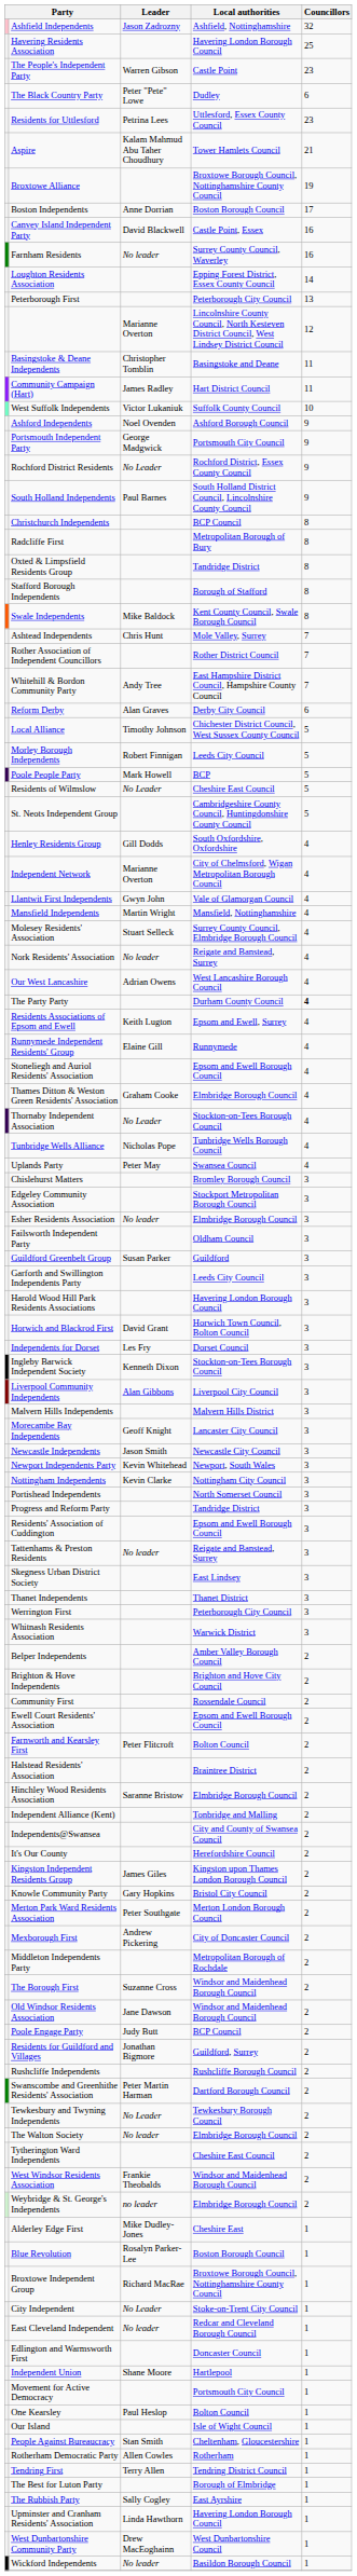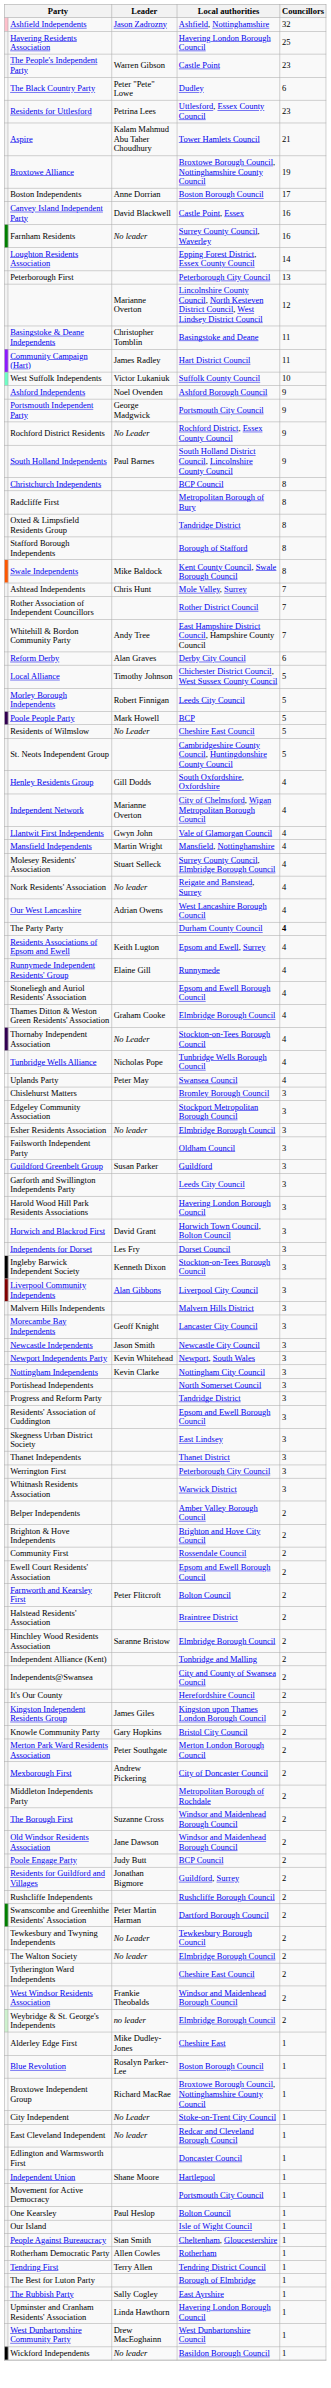 <table class="wikitable sortable">
 <tr style="background:#ccc;">
 <th colspan="2" scope="col" style="width:5px;">Party</th>
 <th class="unsortable">Leader</th>
 <th class="unsortable">Local authorities</th>
 <th data-sort-type="number">Councillors</th>
 </tr>
 <tr>
 <th style="background:pink;"></th>
 <td><a href='#'>Ashfield Independents</a></td>
 <td><a href='#'>Jason Zadrozny</a></td>
 <td><a href='#'>Ashfield</a>, <a href='#'>Nottinghamshire</a></td>
 <td>32</td>
 </tr>
 <tr>
 <th style="background-color: "></th>
 <td><a href='#'>Havering Residents Association</a></td>
 <td></td>
 <td><a href='#'>Havering London Borough Council</a></td>
 <td>25</td>
 </tr>
 <tr>
 <th style="background-color: "></th>
 <td><a href='#'>The People's Independent Party</a></td>
 <td>Warren Gibson</td>
 <td><a href='#'>Castle Point</a></td>
 <td>23</td>
 </tr>
 <tr>
 <td></td>
 <td><a href='#'>The Black Country Party</a></td>
 <td>Peter "Pete" Lowe</td>
 <td><a href='#'>Dudley</a></td>
 <td>6</td>
 </tr>
 <tr>
 <th style="background-color: "></th>
 <td><a href='#'>Residents for Uttlesford</a></td>
 <td>Petrina Lees</td>
 <td><a href='#'>Uttlesford</a>, <a href='#'>Essex County Council</a></td>
 <td>23</td>
 </tr>
 <tr>
 <th style="background-color:"></th>
 <td><a href='#'>Aspire</a></td>
 <td>Kalam Mahmud Abu Taher Choudhury</td>
 <td><a href='#'>Tower Hamlets Council</a></td>
 <td>21</td>
 </tr>
 <tr>
 <th style="background-color: "></th>
 <td><a href='#'>Broxtowe Alliance</a></td>
 <td></td>
 <td><a href='#'>Broxtowe Borough Council</a>, <a href='#'>Nottinghamshire County Council</a></td>
 <td>19</td>
 </tr>
 <tr>
 <th></th>
 <td>Boston Independents</td>
 <td>Anne Dorrian</td>
 <td><a href='#'>Boston Borough Council</a></td>
 <td>17</td>
 </tr>
 <tr>
 <th style="background-color: "></th>
 <td><a href='#'>Canvey Island Independent Party</a></td>
 <td>David Blackwell</td>
 <td><a href='#'>Castle Point</a>, <a href='#'>Essex</a></td>
 <td>16</td>
 </tr>
 <tr>
 <th style="background:green;"></th>
 <td>Farnham Residents</td>
 <td><em>No leader</em></td>
 <td><a href='#'>Surrey County Council</a>, <a href='#'>Waverley</a></td>
 <td>16</td>
 </tr>
 <tr>
 <th style="background-color: "></th>
 <td><a href='#'>Loughton Residents Association</a></td>
 <td></td>
 <td><a href='#'>Epping Forest District</a>, <a href='#'>Essex County Council</a></td>
 <td>14</td>
 </tr>
 <tr>
 <th></th>
 <td>Peterborough First</td>
 <td></td>
 <td><a href='#'>Peterborough City Council</a></td>
 <td>13</td>
 </tr>
 <tr>
 <th style="background-color: "></th>
 <td></td>
 <td>Marianne Overton</td>
 <td><a href='#'>Lincolnshire County Council</a>, <a href='#'>North Kesteven District Council</a>, <a href='#'>West Lindsey District Council</a></td>
 <td>12</td>
 </tr>
 <tr>
 <th style="background-color: "></th>
 <td><a href='#'>Basingstoke & Deane Independents</a></td>
 <td>Christopher Tomblin</td>
 <td><a href='#'>Basingstoke and Deane</a></td>
 <td>11</td>
 </tr>
 <tr>
 <th style="background:#8d19ff;" !></th>
 <td><a href='#'>Community Campaign (Hart)</a></td>
 <td>James Radley</td>
 <td><a href='#'>Hart District Council</a></td>
 <td>11</td>
 </tr>
 <tr>
 <th style="background-color: #6EFFC5"></th>
 <td>West Suffolk Independents</td>
 <td>Victor Lukaniuk</td>
 <td><a href='#'>Suffolk County Council</a></td>
 <td>10</td>
 </tr>
 <tr>
 <th style="background-color: "></th>
 <td><a href='#'>Ashford Independents</a></td>
 <td>Noel Ovenden</td>
 <td><a href='#'>Ashford Borough Council</a></td>
 <td>9</td>
 </tr>
 <tr>
 <th style="background-color: "></th>
 <td><a href='#'>Portsmouth Independent Party</a></td>
 <td>George Madgwick</td>
 <td><a href='#'>Portsmouth City Council</a></td>
 <td>9</td>
 </tr>
 <tr>
 <th style="background-color: "></th>
 <td>Rochford District Residents</td>
 <td><em>No Leader</em></td>
 <td><a href='#'>Rochford District</a>, <a href='#'>Essex County Council</a></td>
 <td>9</td>
 </tr>
 <tr>
 <th style="background-color: "></th>
 <td><a href='#'>South Holland Independents</a></td>
 <td>Paul Barnes</td>
 <td><a href='#'>South Holland District Council</a>, <a href='#'>Lincolnshire County Council</a></td>
 <td>9</td>
 </tr>
 <tr>
 <th style="background:"></th>
 <td><a href='#'>Christchurch Independents</a></td>
 <td></td>
 <td><a href='#'>BCP Council</a></td>
 <td>8</td>
 </tr>
 <tr>
 <th style="background-color: "></th>
 <td>Radcliffe First</td>
 <td></td>
 <td><a href='#'>Metropolitan Borough of Bury</a></td>
 <td>8</td>
 </tr>
 <tr>
 <th></th>
 <td>Oxted & Limpsfield Residents Group</td>
 <td></td>
 <td><a href='#'>Tandridge District</a></td>
 <td>8</td>
 </tr>
 <tr>
 <th></th>
 <td>Stafford Borough Independents</td>
 <td></td>
 <td><a href='#'>Borough of Stafford</a></td>
 <td>8</td>
 </tr>
 <tr>
 <th style="background:#ff5800;"></th>
 <td><a href='#'>Swale Independents</a></td>
 <td>Mike Baldock</td>
 <td><a href='#'>Kent County Council</a>, <a href='#'>Swale Borough Council</a></td>
 <td>8</td>
 </tr>
 <tr>
 <th style="background-color: "></th>
 <td>Ashtead Independents</td>
 <td>Chris Hunt</td>
 <td><a href='#'>Mole Valley</a>, <a href='#'>Surrey</a></td>
 <td>7</td>
 </tr>
 <tr>
 <th></th>
 <td>Rother Association of Independent Councillors</td>
 <td></td>
 <td><a href='#'>Rother District Council</a></td>
 <td>7</td>
 </tr>
 <tr>
 <th style="background-color: "></th>
 <td>Whitehill & Bordon Community Party</td>
 <td>Andy Tree</td>
 <td><a href='#'>East Hampshire District Council</a>, Hampshire County Council</td>
 <td>7</td>
 </tr>
 <tr>
 <th style="background-color: "></th>
 <td><a href='#'>Reform Derby</a></td>
 <td>Alan Graves</td>
 <td><a href='#'>Derby City Council</a></td>
 <td>6</td>
 </tr>
 <tr>
 <th style="background:"></th>
 <td><a href='#'>Local Alliance</a></td>
 <td>Timothy Johnson</td>
 <td><a href='#'>Chichester District Council</a>, <a href='#'>West Sussex County Council</a></td>
 <td>5</td>
 </tr>
 <tr>
 <th style="background-color: "></th>
 <td><a href='#'>Morley Borough Independents</a></td>
 <td>Robert Finnigan</td>
 <td><a href='#'>Leeds City Council</a></td>
 <td>5</td>
 </tr>
 <tr>
 <th style="background-color: #320052"></th>
 <td><a href='#'>Poole People Party</a></td>
 <td>Mark Howell</td>
 <td><a href='#'>BCP</a></td>
 <td>5</td>
 </tr>
 <tr>
 <th style="background-color: "></th>
 <td>Residents of Wilmslow</td>
 <td><em>No Leader</em></td>
 <td><a href='#'>Cheshire East Council</a></td>
 <td>5</td>
 </tr>
 <tr>
 <th></th>
 <td>St. Neots Independent Group</td>
 <td></td>
 <td><a href='#'>Cambridgeshire County Council</a>, <a href='#'>Huntingdonshire County Council</a></td>
 <td>5</td>
 </tr>
 <tr>
 <th style="background:"></th>
 <td><a href='#'>Henley Residents Group</a></td>
 <td>Gill Dodds</td>
 <td><a href='#'>South Oxfordshire</a>, <a href='#'>Oxfordshire</a></td>
 <td>4</td>
 </tr>
 <tr>
 <th style="background:"></th>
 <td><a href='#'>Independent Network</a></td>
 <td>Marianne Overton</td>
 <td><a href='#'>City of Chelmsford</a>, <a href='#'>Wigan Metropolitan Borough Council</a></td>
 <td>4</td>
 </tr>
 <tr>
 <th style="background:"></th>
 <td><a href='#'>Llantwit First Independents</a></td>
 <td>Gwyn John</td>
 <td><a href='#'>Vale of Glamorgan Council</a></td>
 <td>4</td>
 </tr>
 <tr>
 <th style="background-color: "></th>
 <td><a href='#'>Mansfield Independents</a></td>
 <td>Martin Wright</td>
 <td><a href='#'>Mansfield</a>, <a href='#'>Nottinghamshire</a></td>
 <td>4</td>
 </tr>
 <tr>
 <th style="background-color: "></th>
 <td>Molesey Residents' Association</td>
 <td>Stuart Selleck</td>
 <td><a href='#'>Surrey County Council</a>, <a href='#'>Elmbridge Borough Council</a></td>
 <td>4</td>
 </tr>
 <tr>
 <th style="background-color: "></th>
 <td>Nork Residents' Association</td>
 <td><em>No leader</em></td>
 <td><a href='#'>Reigate and Banstead</a>, <a href='#'>Surrey</a></td>
 <td>4</td>
 </tr>
 <tr>
 <th style="background-color: "></th>
 <td><a href='#'>Our West Lancashire</a></td>
 <td>Adrian Owens</td>
 <td><a href='#'>West Lancashire Borough Council</a></td>
 <td>4</td>
 </tr>
 <tr>
 <th></th>
 <td>The Party Party</td>
 <td></td>
 <td><a href='#'>Durham County Council</a></td>
 <td><strong>4</strong></td>
 </tr>
 <tr>
 <th style="background-color: "></th>
 <td><a href='#'>Residents Associations of Epsom and Ewell</a></td>
 <td>Keith Lugton</td>
 <td><a href='#'>Epsom and Ewell</a>, <a href='#'>Surrey</a></td>
 <td>4</td>
 </tr>
 <tr>
 <th style="background-color: "></th>
 <td><a href='#'>Runnymede Independent Residents' Group</a></td>
 <td>Elaine Gill</td>
 <td><a href='#'>Runnymede</a></td>
 <td>4</td>
 </tr>
 <tr>
 <th></th>
 <td>Stoneliegh and Auriol Residents' Association</td>
 <td></td>
 <td><a href='#'>Epsom and Ewell Borough Council</a></td>
 <td>4</td>
 </tr>
 <tr>
 <th style="background-color: "></th>
 <td>Thames Ditton & Weston Green Residents' Association</td>
 <td>Graham Cooke</td>
 <td><a href='#'>Elmbridge Borough Council</a></td>
 <td>4</td>
 </tr>
 <tr>
 <th style="background-color: #320052"></th>
 <td>Thornaby Independent Association</td>
 <td><em>No Leader</em></td>
 <td><a href='#'>Stockton-on-Tees Borough Council</a></td>
 <td>4</td>
 </tr>
 <tr>
 <th style="background: "></th>
 <td><a href='#'>Tunbridge Wells Alliance</a></td>
 <td>Nicholas Pope</td>
 <td><a href='#'>Tunbridge Wells Borough Council</a></td>
 <td>4</td>
 </tr>
 <tr>
 <td></td>
 <td>Uplands Party</td>
 <td>Peter May</td>
 <td><a href='#'>Swansea Council</a></td>
 <td>4</td>
 </tr>
 <tr>
 <th></th>
 <td>Chislehurst Matters</td>
 <td></td>
 <td><a href='#'>Bromley Borough Council</a></td>
 <td>3</td>
 </tr>
 <tr>
 <th></th>
 <td>Edgeley Community Association</td>
 <td></td>
 <td><a href='#'>Stockport Metropolitan Borough Council</a></td>
 <td>3</td>
 </tr>
 <tr>
 <th style="background-color: "></th>
 <td>Esher Residents Association</td>
 <td><em>No leader</em></td>
 <td><a href='#'>Elmbridge Borough Council</a></td>
 <td>3</td>
 </tr>
 <tr>
 <th></th>
 <td>Failsworth Independent Party</td>
 <td></td>
 <td><a href='#'>Oldham Council</a></td>
 <td>3</td>
 </tr>
 <tr>
 <th style="background-color: "></th>
 <td><a href='#'>Guildford Greenbelt Group</a></td>
 <td>Susan Parker</td>
 <td><a href='#'>Guildford</a></td>
 <td>3</td>
 </tr>
 <tr>
 <th></th>
 <td>Garforth and Swillington Independents Party</td>
 <td></td>
 <td><a href='#'>Leeds City Council</a></td>
 <td>3</td>
 </tr>
 <tr>
 <th></th>
 <td>Harold Wood Hill Park Residents Associations</td>
 <td></td>
 <td><a href='#'>Havering London Borough Council</a></td>
 <td>3</td>
 </tr>
 <tr>
 <th style="background-color: "></th>
 <td><a href='#'>Horwich and Blackrod First</a></td>
 <td>David Grant</td>
 <td><a href='#'>Horwich Town Council</a>, <a href='#'>Bolton Council</a></td>
 <td>3</td>
 </tr>
 <tr>
 <th style="background-color: "></th>
 <td><a href='#'>Independents for Dorset</a></td>
 <td>Les Fry</td>
 <td><a href='#'>Dorset Council</a></td>
 <td>3</td>
 </tr>
 <tr>
 <th style="background-color: #000000"></th>
 <td>Ingleby Barwick Independent Society</td>
 <td>Kenneth Dixon</td>
 <td><a href='#'>Stockton-on-Tees Borough Council</a></td>
 <td>3</td>
 </tr>
 <tr>
 <th style="background-color: #800000"></th>
 <td><a href='#'>Liverpool Community Independents</a></td>
 <td><a href='#'>Alan Gibbons</a></td>
 <td><a href='#'>Liverpool City Council</a></td>
 <td>3</td>
 </tr>
 <tr>
 <th></th>
 <td>Malvern Hills Independents</td>
 <td></td>
 <td><a href='#'>Malvern Hills District</a></td>
 <td>3</td>
 </tr>
 <tr>
 <th style="background-color: "></th>
 <td><a href='#'>Morecambe Bay Independents</a></td>
 <td>Geoff Knight</td>
 <td><a href='#'>Lancaster City Council</a></td>
 <td>3</td>
 </tr>
 <tr>
 <th style="background-color:"></th>
 <td><a href='#'>Newcastle Independents</a></td>
 <td>Jason Smith</td>
 <td><a href='#'>Newcastle City Council</a></td>
 <td>3</td>
 </tr>
 <tr>
 <th style="background-color: "></th>
 <td><a href='#'>Newport Independents Party</a></td>
 <td>Kevin Whitehead</td>
 <td><a href='#'>Newport</a>, <a href='#'>South Wales</a></td>
 <td>3</td>
 </tr>
 <tr>
 <th style="background-color: "></th>
 <td><a href='#'>Nottingham Independents</a></td>
 <td>Kevin Clarke</td>
 <td><a href='#'>Nottingham City Council</a></td>
 <td>3</td>
 </tr>
 <tr>
 <th></th>
 <td>Portishead Independents</td>
 <td></td>
 <td><a href='#'>North Somerset Council</a></td>
 <td>3</td>
 </tr>
 <tr>
 <th></th>
 <td>Progress and Reform Party</td>
 <td></td>
 <td><a href='#'>Tandridge District</a></td>
 <td>3</td>
 </tr>
 <tr>
 <th></th>
 <td>Residents' Association of Cuddington</td>
 <td></td>
 <td><a href='#'>Epsom and Ewell Borough Council</a></td>
 <td>3</td>
 </tr>
 <tr>
-<th style="background-color: "></th>
-<td>Tattenhams & Preston Residents</td>
-<td><em>No leader</em></td>
-<td><a href='#'>Reigate and Banstead</a>, <a href='#'>Surrey</a></td>
-<td>3</td>
-</tr>
-<tr>
 <th></th>
 <td>Skegness Urban District Society</td>
 <td></td>
 <td><a href='#'>East Lindsey</a></td>
 <td>3</td>
 </tr>
 <tr>
 <th></th>
 <td>Thanet Independents</td>
 <td></td>
 <td><a href='#'>Thanet District</a></td>
 <td>3</td>
 </tr>
 <tr>
 <th></th>
 <td>Werrington First</td>
 <td></td>
 <td><a href='#'>Peterborough City Council</a></td>
 <td>3</td>
 </tr>
 <tr>
 <th></th>
 <td>Whitnash Residents Association</td>
 <td></td>
 <td><a href='#'>Warwick District</a></td>
 <td>3</td>
 </tr>
 <tr>
 <th></th>
 <td>Belper Independents</td>
 <td></td>
 <td><a href='#'>Amber Valley Borough Council</a></td>
 <td>2</td>
 </tr>
 <tr>
 <th></th>
 <td>Brighton & Hove Independents</td>
 <td></td>
 <td><a href='#'>Brighton and Hove City Council</a></td>
 <td>2</td>
 </tr>
 <tr>
 <th></th>
 <td>Community First</td>
 <td></td>
 <td><a href='#'>Rossendale Council</a></td>
 <td>2</td>
 </tr>
 <tr>
 <th></th>
 <td>Ewell Court Residents' Association</td>
 <td></td>
 <td><a href='#'>Epsom and Ewell Borough Council</a></td>
 <td>2</td>
 </tr>
 <tr>
 <th style="background-color: "></th>
 <td><a href='#'>Farnworth and Kearsley First</a></td>
 <td>Peter Flitcroft</td>
 <td><a href='#'>Bolton Council</a></td>
 <td>2</td>
 </tr>
 <tr>
 <th></th>
 <td>Halstead Residents' Association</td>
 <td></td>
 <td><a href='#'>Braintree District</a></td>
 <td>2</td>
 </tr>
 <tr>
 <th style="background-color:"></th>
 <td>Hinchley Wood Residents Association</td>
 <td>Saranne Bristow</td>
 <td><a href='#'>Elmbridge Borough Council</a></td>
 <td>2</td>
 </tr>
 <tr>
 <th></th>
 <td>Independent Alliance (Kent)</td>
 <td></td>
 <td><a href='#'>Tonbridge and Malling</a></td>
 <td>2</td>
 </tr>
 <tr>
 <th></th>
 <td>Independents@Swansea</td>
 <td></td>
 <td><a href='#'>City and County of Swansea Council</a></td>
 <td>2</td>
 </tr>
 <tr>
 <th></th>
 <td>It's Our County</td>
 <td></td>
 <td><a href='#'>Herefordshire Council</a></td>
 <td>2</td>
 </tr>
 <tr>
 <th style="background:"></th>
 <td><a href='#'>Kingston Independent Residents Group</a></td>
 <td>James Giles</td>
 <td><a href='#'>Kingston upon Thames London Borough Council</a></td>
 <td>2</td>
 </tr>
 <tr>
 <th style="background-color: "></th>
 <td>Knowle Community Party</td>
 <td>Gary Hopkins</td>
 <td><a href='#'>Bristol City Council</a></td>
 <td>2</td>
 </tr>
 <tr>
 <th style="background-color: "></th>
 <td><a href='#'>Merton Park Ward Residents Association</a></td>
 <td>Peter Southgate</td>
 <td><a href='#'>Merton London Borough Council</a></td>
 <td>2</td>
 </tr>
 <tr>
 <th style="background-color: "></th>
 <td><a href='#'>Mexborough First</a></td>
 <td>Andrew Pickering</td>
 <td><a href='#'>City of Doncaster Council</a></td>
 <td>2</td>
 </tr>
 <tr>
 <th></th>
 <td>Middleton Independents Party</td>
 <td></td>
 <td><a href='#'>Metropolitan Borough of Rochdale</a></td>
 <td>2</td>
 </tr>
 <tr>
 <th style="background-color: "></th>
 <td><a href='#'>The Borough First</a></td>
 <td>Suzanne Cross</td>
 <td><a href='#'>Windsor and Maidenhead Borough Council</a></td>
 <td>2</td>
 </tr>
 <tr>
 <th style="background-color: "></th>
 <td><a href='#'>Old Windsor Residents Association</a></td>
 <td>Jane Dawson</td>
 <td><a href='#'>Windsor and Maidenhead Borough Council</a></td>
 <td>2</td>
 </tr>
 <tr>
 <th style="background:"></th>
 <td><a href='#'>Poole Engage Party</a></td>
 <td>Judy Butt</td>
 <td><a href='#'>BCP Council</a></td>
 <td>2</td>
 </tr>
 <tr>
 <th style="background-color: "></th>
 <td><a href='#'>Residents for Guildford and Villages</a></td>
 <td>Jonathan Bigmore</td>
 <td><a href='#'>Guildford</a>, <a href='#'>Surrey</a></td>
 <td>2</td>
 </tr>
 <tr>
 <th></th>
 <td>Rushcliffe Independents</td>
 <td></td>
 <td><a href='#'>Rushcliffe Borough Council</a></td>
 <td>2</td>
 </tr>
 <tr>
 <th style="background-color:  Green"></th>
 <td>Swanscombe and Greenhithe Residents' Association</td>
 <td>Peter Martin Harman</td>
 <td><a href='#'>Dartford Borough Council</a></td>
 <td>2</td>
 </tr>
 <tr>
 <th style="background-color: "></th>
 <td>Tewkesbury and Twyning Independents</td>
 <td><em>No Leader</em></td>
 <td><a href='#'>Tewkesbury Borough Council</a></td>
 <td>2</td>
 </tr>
 <tr>
 <td></td>
 <td>The Walton Society</td>
 <td><em>No leader</em></td>
 <td><a href='#'>Elmbridge Borough Council</a></td>
 <td>2</td>
 </tr>
 <tr>
 <th></th>
 <td>Tytherington Ward Independents</td>
 <td></td>
 <td><a href='#'>Cheshire East Council</a></td>
 <td>2</td>
 </tr>
 <tr>
 <th></th>
 <td><a href='#'>West Windsor Residents Association</a></td>
 <td>Frankie Theobalds</td>
 <td><a href='#'>Windsor and Maidenhead Borough Council</a></td>
 <td>2</td>
 </tr>
 <tr>
 <th style="background: #CEF2CE;"></th>
 <td>Weybridge & St. George's Independents</td>
 <td><em>no leader</em></td>
 <td><a href='#'>Elmbridge Borough Council</a></td>
 <td>2</td>
 </tr>
 <tr>
 <th style="background-color: "></th>
 <td>Alderley Edge First</td>
 <td>Mike Dudley-Jones</td>
 <td><a href='#'>Cheshire East</a></td>
 <td>1</td>
 </tr>
 <tr>
 <th style="background-color: "></th>
 <td><a href='#'>Blue Revolution</a></td>
 <td>Rosalyn Parker-Lee</td>
 <td><a href='#'>Boston Borough Council</a></td>
 <td>1</td>
 </tr>
 <tr>
 <td></td>
 <td>Broxtowe Independent Group</td>
 <td>Richard MacRae</td>
 <td><a href='#'>Broxtowe Borough Council</a>, <a href='#'>Nottinghamshire County Council</a></td>
 <td>1</td>
 </tr>
 <tr>
 <th style="background-color: "></th>
 <td>City Independent</td>
 <td><em>No Leader</em></td>
 <td><a href='#'>Stoke-on-Trent City Council</a></td>
 <td>1</td>
 </tr>
 <tr>
 <th style="background-color: "></th>
 <td>East Cleveland Independent</td>
 <td><em>No leader</em></td>
 <td><a href='#'>Redcar and Cleveland Borough Council</a></td>
 <td>1</td>
 </tr>
 <tr>
 <th></th>
 <td>Edlington and Warmsworth First</td>
 <td></td>
 <td><a href='#'>Doncaster Council</a></td>
 <td>1</td>
 </tr>
 <tr>
 <th style="background-color: "></th>
 <td><a href='#'>Independent Union</a></td>
 <td>Shane Moore</td>
 <td><a href='#'>Hartlepool</a></td>
 <td>1</td>
 </tr>
 <tr>
 <th></th>
 <td>Movement for Active Democracy</td>
 <td></td>
 <td><a href='#'>Portsmouth City Council</a></td>
 <td>1</td>
 </tr>
 <tr>
 <th style="background-color: "></th>
 <td>One Kearsley</td>
 <td>Paul Heslop</td>
 <td><a href='#'>Bolton Council</a></td>
 <td>1</td>
 </tr>
 <tr>
 <th></th>
 <td>Our Island</td>
 <td></td>
 <td><a href='#'>Isle of Wight Council</a></td>
 <td>1</td>
 </tr>
 <tr>
 <th style="background-color: "></th>
 <td><a href='#'>People Against Bureaucracy</a></td>
 <td>Stan Smith</td>
 <td><a href='#'>Cheltenham</a>, <a href='#'>Gloucestershire</a></td>
 <td>1</td>
 </tr>
 <tr>
 <th style="background-color: "></th>
 <td>Rotherham Democratic Party</td>
 <td>Allen Cowles</td>
 <td><a href='#'>Rotherham</a></td>
 <td>1</td>
 </tr>
 <tr>
 <th style="background-color: "></th>
 <td><a href='#'>Tendring First</a></td>
 <td>Terry Allen</td>
 <td><a href='#'>Tendring District Council</a></td>
 <td>1</td>
 </tr>
 <tr>
 <th></th>
 <td>The Best for Luton Party</td>
 <td></td>
 <td><a href='#'>Borough of Elmbridge</a></td>
 <td>1</td>
 </tr>
 <tr>
 <th style="background-color:"></th>
 <td><a href='#'>The Rubbish Party</a></td>
 <td>Sally Cogley</td>
 <td><a href='#'>East Ayrshire</a></td>
 <td>1</td>
 </tr>
 <tr>
 <th style="background-color: "></th>
 <td>Upminster and Cranham Residents' Association</td>
 <td>Linda Hawthorn</td>
 <td><a href='#'>Havering London Borough Council</a></td>
 <td>1</td>
 </tr>
 <tr>
 <th style="background-color: "></th>
 <td><a href='#'>West Dunbartonshire Community Party</a></td>
 <td>Drew MacEoghainn</td>
 <td><a href='#'>West Dunbartonshire Council</a></td>
 <td>1</td>
 </tr>
 <tr>
 <th style="background-color: black"></th>
 <td>Wickford Independents</td>
 <td><em>No leader</em></td>
 <td><a href='#'>Basildon Borough Council</a></td>
 <td>1</td>
 </tr>
 <tr>
 </tr>
 </table>
